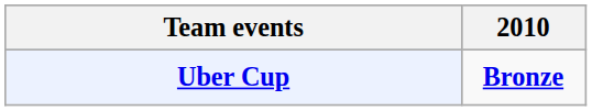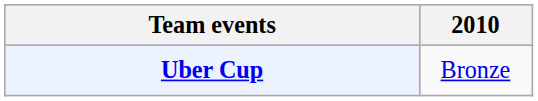 <table class="wikitable" style="font-size: 90%; text-align:center">
 <tr>
 <th>Team events</th>
 <th>2010</th>
 </tr>
 <tr style="height: 30px;">
 <td bgcolor=ECF2FF style="width: 240px;align=left"><strong><a href='#'>Uber Cup</a></strong></td>
-<td style="width: 60px"><strong> <a href='#'>Bronze</a></strong></td>
+<td style="width: 60px"> <a href='#'>Bronze</a></td>
 </tr>
 </table>
